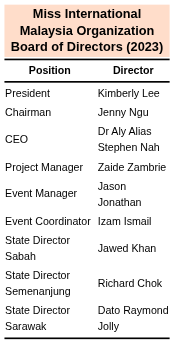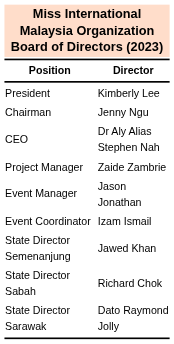 <table class="toccolours" style="width: 20em; float:left; margin-left:1em; font-size:80%; line-height:1.5em; width:23%;">
 <tr>
 <th colspan="2" align="center" style="background:#FFDDCA;"><big>Miss International Malaysia Organization<br>Board of Directors (2023)</big></th>
 </tr>
 <tr>
 <td colspan="2" style="background:black"></td>
 </tr>
 <tr>
 <th scope="col">Position</th>
 <th scope="col">Director</th>
 </tr>
 <tr>
 <td colspan="2" style="background:black"></td>
 </tr>
 <tr>
 <td align="left">President</td>
 <td align="left">Kimberly Lee</td>
 </tr>
 <tr>
 <td align="left">Chairman</td>
 <td align="left">Jenny Ngu</td>
 </tr>
 <tr>
 <td align="left">CEO</td>
 <td align="left">Dr Aly Alias Stephen Nah</td>
 </tr>
 <tr>
 <td align="left">Project Manager</td>
 <td align="left">Zaide Zambrie</td>
 </tr>
 <tr>
 <td align="left">Event Manager</td>
 <td align="left">Jason Jonathan</td>
 </tr>
 <tr>
 <td align="left">Event Coordinator</td>
 <td align="left">Izam Ismail</td>
 </tr>
 <tr>
-<td align="left">State Director Sabah</td>
+<td align="left">State Director Semenanjung</td>
 <td align="left">Jawed Khan</td>
 </tr>
 <tr>
-<td align="left">State Director Semenanjung</td>
+<td align="left">State Director Sabah</td>
 <td align="left">Richard Chok</td>
 </tr>
 <tr>
 <td align="left">State Director Sarawak</td>
 <td align="left">Dato Raymond Jolly</td>
 </tr>
 <tr>
 <td colspan="2" style="background:black"></td>
 </tr>
 </table>
